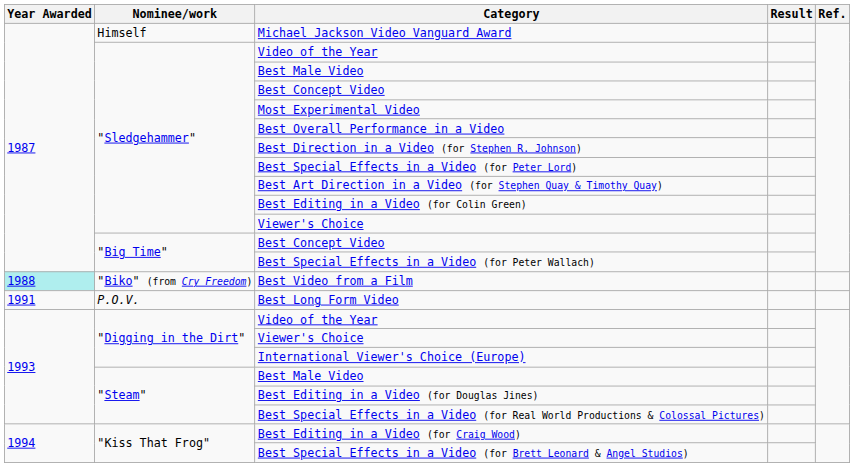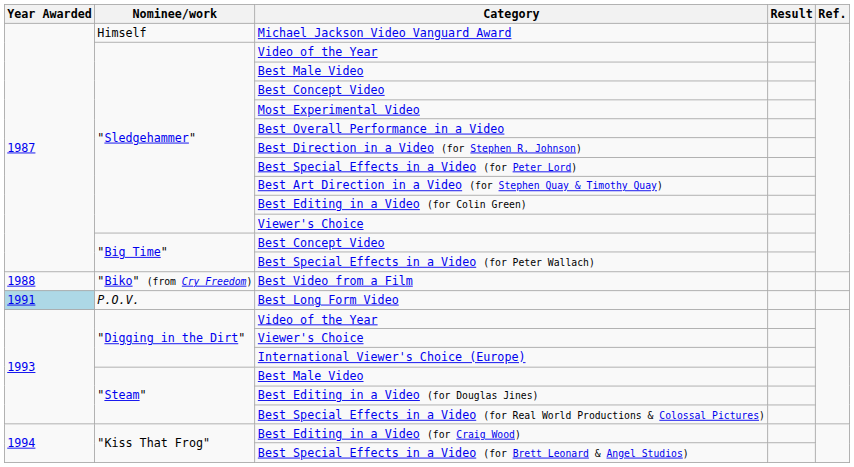 <table class="wikitable">
 <tr>
 <th>Year Awarded</th>
 <th>Nominee/work</th>
 <th>Category</th>
 <th>Result</th>
 <th>Ref.</th>
 </tr>
 <tr>
 <td rowspan="13"><a href='#'>1987</a></td>
 <td>Himself</td>
 <td><a href='#'>Michael Jackson Video Vanguard Award</a></td>
 <td></td>
 <td rowspan="13"></td>
 </tr>
 <tr>
 <td rowspan="10">"<a href='#'>Sledgehammer</a>"</td>
 <td><a href='#'>Video of the Year</a></td>
 <td></td>
 </tr>
 <tr>
 <td><a href='#'>Best Male Video</a></td>
 <td></td>
 </tr>
 <tr>
 <td><a href='#'>Best Concept Video</a></td>
 <td></td>
 </tr>
 <tr>
 <td><a href='#'>Most Experimental Video</a></td>
 <td></td>
 </tr>
 <tr>
 <td><a href='#'>Best Overall Performance in a Video</a></td>
 <td></td>
 </tr>
 <tr>
 <td><a href='#'>Best Direction in a Video</a> <small>(for <a href='#'>Stephen R. Johnson</a>)</small></td>
 <td></td>
 </tr>
 <tr>
 <td><a href='#'>Best Special Effects in a Video</a> <small>(for <a href='#'>Peter Lord</a>)</small></td>
 <td></td>
 </tr>
 <tr>
 <td><a href='#'>Best Art Direction in a Video</a> <small>(for <a href='#'>Stephen Quay & Timothy Quay</a>)</small></td>
 <td></td>
 </tr>
 <tr>
 <td><a href='#'>Best Editing in a Video</a> <small>(for Colin Green)</small></td>
 <td></td>
 </tr>
 <tr>
 <td><a href='#'>Viewer's Choice</a></td>
 <td></td>
 </tr>
 <tr>
 <td rowspan="2">"<a href='#'>Big Time</a>"</td>
 <td><a href='#'>Best Concept Video</a></td>
 <td></td>
 </tr>
 <tr>
 <td><a href='#'>Best Special Effects in a Video</a> <small>(for Peter Wallach)</small></td>
 <td></td>
 </tr>
 <tr>
-<td style="background: paleturquoise;"><a href='#'>1988</a></td>
+<td><a href='#'>1988</a></td>
 <td>"<a href='#'>Biko</a>" <small>(from <em><a href='#'>Cry Freedom</a></em>)</small></td>
 <td><a href='#'>Best Video from a Film</a></td>
 <td></td>
 <td></td>
 </tr>
 <tr>
-<td><a href='#'>1991</a></td>
+<td style="background: lightblue;"><a href='#'>1991</a></td>
 <td><em>P.O.V.</em></td>
 <td><a href='#'>Best Long Form Video</a></td>
 <td></td>
 <td></td>
 </tr>
 <tr>
 <td rowspan="6"><a href='#'>1993</a></td>
 <td rowspan="3">"<a href='#'>Digging in the Dirt</a>"</td>
 <td><a href='#'>Video of the Year</a></td>
 <td></td>
 <td rowspan="6"></td>
 </tr>
 <tr>
 <td><a href='#'>Viewer's Choice</a></td>
 <td></td>
 </tr>
 <tr>
 <td><a href='#'>International Viewer's Choice (Europe)</a></td>
 <td></td>
 </tr>
 <tr>
 <td rowspan="3">"<a href='#'>Steam</a>"</td>
 <td><a href='#'>Best Male Video</a></td>
 <td></td>
 </tr>
 <tr>
 <td><a href='#'>Best Editing in a Video</a> <small>(for Douglas Jines)</small></td>
 <td></td>
 </tr>
 <tr>
 <td><a href='#'>Best Special Effects in a Video</a> <small>(for Real World Productions & <a href='#'>Colossal Pictures</a>)</small></td>
 <td></td>
 </tr>
 <tr>
 <td rowspan="2"><a href='#'>1994</a></td>
 <td rowspan="2">"Kiss That Frog"</td>
 <td><a href='#'>Best Editing in a Video</a> <small>(for <a href='#'>Craig Wood</a>)</small></td>
 <td></td>
 <td rowspan="2"></td>
 </tr>
 <tr>
 <td><a href='#'>Best Special Effects in a Video</a> <small>(for <a href='#'>Brett Leonard</a> & <a href='#'>Angel Studios</a>)</small></td>
 <td></td>
 </tr>
 </table>
